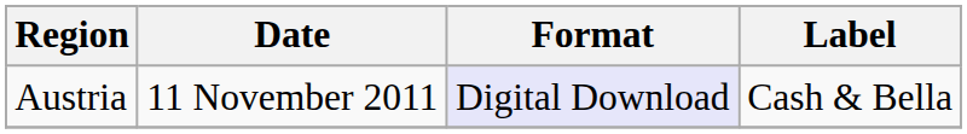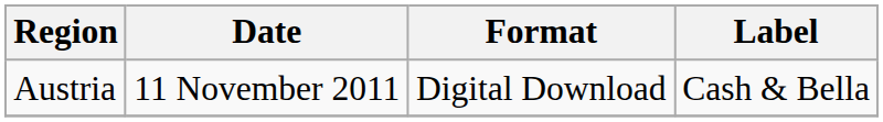 <table class=wikitable>
 <tr>
 <th>Region</th>
 <th>Date</th>
 <th>Format</th>
 <th>Label</th>
 </tr>
 <tr>
 <td>Austria</td>
 <td>11 November 2011</td>
-<td style="background: lavender;">Digital Download</td>
+<td>Digital Download</td>
 <td>Cash & Bella</td>
 </tr>
 <tr>
 </tr>
 </table>
